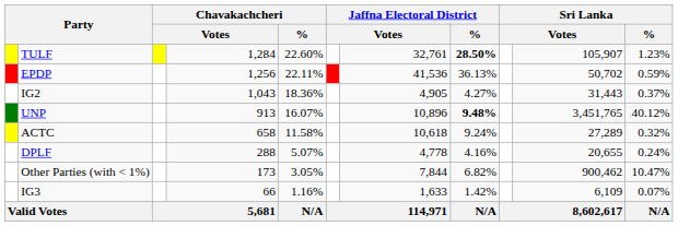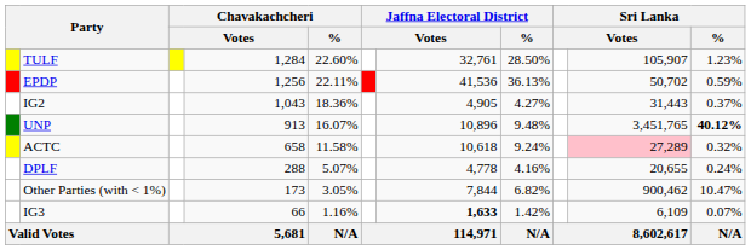 <table class="wikitable">
 <tr>
 <th colspan="2" width="144px"rowspan="2">Party</th>
 <th colspan="3" width="216px">Chavakachcheri</th>
 <th colspan="3" width="216px"><a href='#'>Jaffna Electoral District</a></th>
 <th colspan="3" width="216px">Sri Lanka</th>
 </tr>
 <tr>
 <th colspan="2" width="144px">Votes</th>
 <th>%</th>
 <th colspan="2" width="144px">Votes</th>
 <th>%</th>
 <th colspan="2" width="144px">Votes</th>
 <th>%</th>
 </tr>
 <tr>
 <td style="background-color:yellow;" width="10px"></td>
 <td style="text-align:left;"><a href='#'>TULF</a></td>
 <td style="background-color:yellow;" width="10px"></td>
 <td style="text-align:right;">1,284</td>
 <td style="text-align:right;">22.60%</td>
 <td style="background-color:white;" width="10px"></td>
 <td style="text-align:right;">32,761</td>
-<td style="text-align:right;"><strong>28.50%</strong></td>
+<td style="text-align:right;">28.50%</td>
 <td style="background-color:white;" width="10px"></td>
 <td style="text-align:right;">105,907</td>
 <td style="text-align:right;">1.23%</td>
 </tr>
 <tr>
 <td style="background-color:red;" width="10px"></td>
 <td style="text-align:left;"><a href='#'>EPDP</a></td>
 <td style="background-color:white;" width="10px"></td>
 <td style="text-align:right;">1,256</td>
 <td style="text-align:right;">22.11%</td>
 <td style="background-color:red;" width="10px"></td>
 <td style="text-align:right;">41,536</td>
 <td style="text-align:right;">36.13%</td>
 <td style="background-color:white;" width="10px"></td>
 <td style="text-align:right;">50,702</td>
 <td style="text-align:right;">0.59%</td>
 </tr>
 <tr>
 <td style="background-color:white;" width="10px"></td>
 <td style="text-align:left;">IG2</td>
 <td style="background-color:white;" width="10px"></td>
 <td style="text-align:right;">1,043</td>
 <td style="text-align:right;">18.36%</td>
 <td style="background-color:white;" width="10px"></td>
 <td style="text-align:right;">4,905</td>
 <td style="text-align:right;">4.27%</td>
 <td style="background-color:white;" width="10px"></td>
 <td style="text-align:right;">31,443</td>
 <td style="text-align:right;">0.37%</td>
 </tr>
 <tr>
 <td style="background-color:green;" width="10px"></td>
 <td style="text-align:left;"><a href='#'>UNP</a></td>
 <td style="background-color:white;" width="10px"></td>
 <td style="text-align:right;">913</td>
 <td style="text-align:right;">16.07%</td>
 <td style="background-color:white;" width="10px"></td>
 <td style="text-align:right;">10,896</td>
-<td style="text-align:right;"><strong>9.48%</strong></td>
+<td style="text-align:right;">9.48%</td>
 <td style="background-color:white;" width="10px"></td>
 <td style="text-align:right;">3,451,765</td>
-<td style="text-align:right;">40.12%</td>
+<td style="text-align:right;"><strong>40.12%</strong></td>
 </tr>
 <tr>
 <td style="background-color:yellow;" width="10px"></td>
 <td style="text-align:left;">ACTC</td>
 <td style="background-color:white;" width="10px"></td>
 <td style="text-align:right;">658</td>
 <td style="text-align:right;">11.58%</td>
 <td style="background-color:white;" width="10px"></td>
 <td style="text-align:right;">10,618</td>
 <td style="text-align:right;">9.24%</td>
 <td style="background-color:white;" width="10px"></td>
-<td style="text-align:right;">27,289</td>
+<td style="background: pink; text-align:right;">27,289</td>
 <td style="text-align:right;">0.32%</td>
 </tr>
 <tr>
 <td style="background-color:white;" width="10px"></td>
 <td style="text-align:left;"><a href='#'>DPLF</a></td>
 <td style="background-color:white;" width="10px"></td>
 <td style="text-align:right;">288</td>
 <td style="text-align:right;">5.07%</td>
 <td style="background-color:white;" width="10px"></td>
 <td style="text-align:right;">4,778</td>
 <td style="text-align:right;">4.16%</td>
 <td style="background-color:white;" width="10px"></td>
 <td style="text-align:right;">20,655</td>
 <td style="text-align:right;">0.24%</td>
 </tr>
 <tr>
 <td style="background-color:white;" width="10px"></td>
 <td style="text-align:left;">Other Parties (with < 1%)</td>
 <td style="background-color:white;" width="10px"></td>
 <td style="text-align:right;">173</td>
 <td style="text-align:right;">3.05%</td>
 <td style="background-color:white;" width="10px"></td>
 <td style="text-align:right;">7,844</td>
 <td style="text-align:right;">6.82%</td>
 <td style="background-color:white;" width="10px"></td>
 <td style="text-align:right;">900,462</td>
 <td style="text-align:right;">10.47%</td>
 </tr>
 <tr>
 <td style="background-color:white;" width="10px"></td>
 <td style="text-align:left;">IG3</td>
 <td style="background-color:white;" width="10px"></td>
 <td style="text-align:right;">66</td>
 <td style="text-align:right;">1.16%</td>
 <td style="background-color:white;" width="10px"></td>
-<td style="text-align:right;">1,633</td>
+<td style="text-align:right;"><strong>1,633</strong></td>
 <td style="text-align:right;">1.42%</td>
 <td style="background-color:white;" width="10px"></td>
 <td style="text-align:right;">6,109</td>
 <td style="text-align:right;">0.07%</td>
 </tr>
 <tr>
 <th colspan="2" width="144px"style="text-align:left;">Valid Votes</th>
 <th style="text-align:right;"colspan="2" width="144px">5,681</th>
 <th style="text-align:right;">N/A</th>
 <th style="text-align:right;"colspan="2" width="144px">114,971</th>
 <th style="text-align:right;">N/A</th>
 <th style="text-align:right;"colspan="2" width="144px">8,602,617</th>
 <th style="text-align:right;">N/A</th>
 </tr>
 </table>
